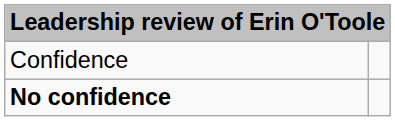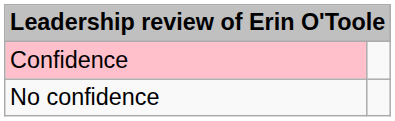 <table class="wikitable" style="text-align:center;">
 <tr>
 <td colspan="3"  style="text-align:center; background:silver;"><strong>Leadership review of Erin O'Toole</strong></td>
 </tr>
 <tr>
-<td style="text-align:left;">Confidence</td>
+<td style="background: pink; text-align:left;">Confidence</td>
 <td></td>
 </tr>
 <tr>
-<td style="text-align:left;"><strong>No confidence</strong></td>
+<td style="text-align:left;">No confidence</td>
 <td></td>
 </tr>
 </table>
